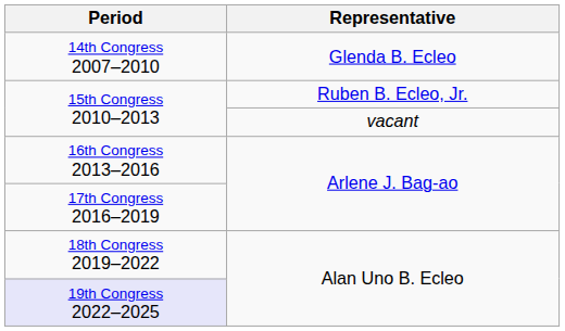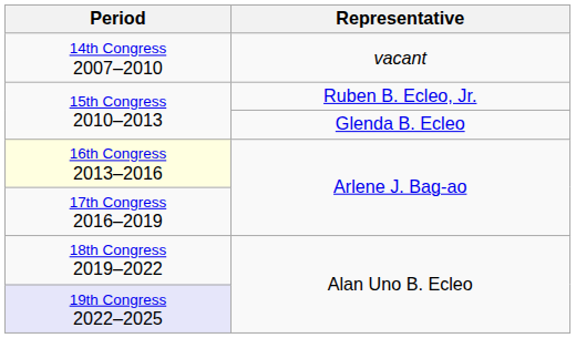 <table class="wikitable" style="text-align:center; width:40%;">
 <tr>
 <th width="40%">Period</th>
 <th>Representative</th>
 </tr>
 <tr>
 <td><small><a href='#'>14th Congress</a></small><br>2007–2010</td>
-<td><a href='#'>Glenda B. Ecleo</a></td>
+<td><em>vacant</em></td>
 </tr>
 <tr>
 <td rowspan="2"><small><a href='#'>15th Congress</a></small><br>2010–2013</td>
 <td><a href='#'>Ruben B. Ecleo, Jr.</a></td>
 </tr>
 <tr>
-<td><em>vacant</em></td>
+<td><a href='#'>Glenda B. Ecleo</a></td>
 </tr>
 <tr>
-<td><small><a href='#'>16th Congress</a></small><br>2013–2016</td>
+<td style="background: lightyellow;"><small><a href='#'>16th Congress</a></small><br>2013–2016</td>
 <td rowspan="2"><a href='#'>Arlene J. Bag-ao</a></td>
 </tr>
 <tr>
 <td><small><a href='#'>17th Congress</a></small><br>2016–2019</td>
 </tr>
 <tr>
 <td><small><a href='#'>18th Congress</a></small><br>2019–2022</td>
 <td rowspan="2">Alan Uno B. Ecleo</td>
 </tr>
 <tr>
 <td style="background: lavender;"><small><a href='#'>19th Congress</a></small><br>2022–2025</td>
 </tr>
 </table>
